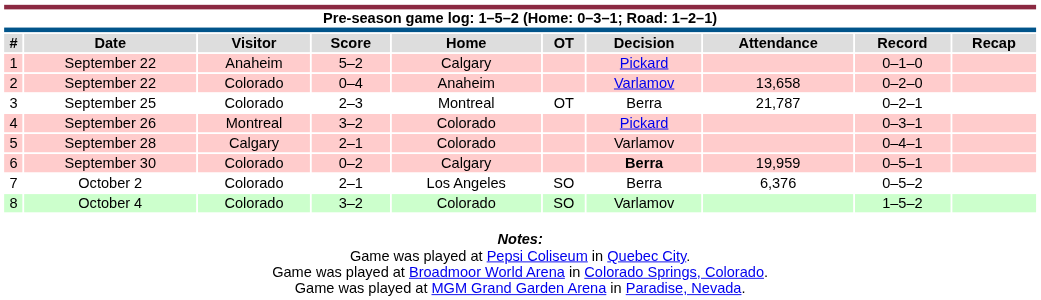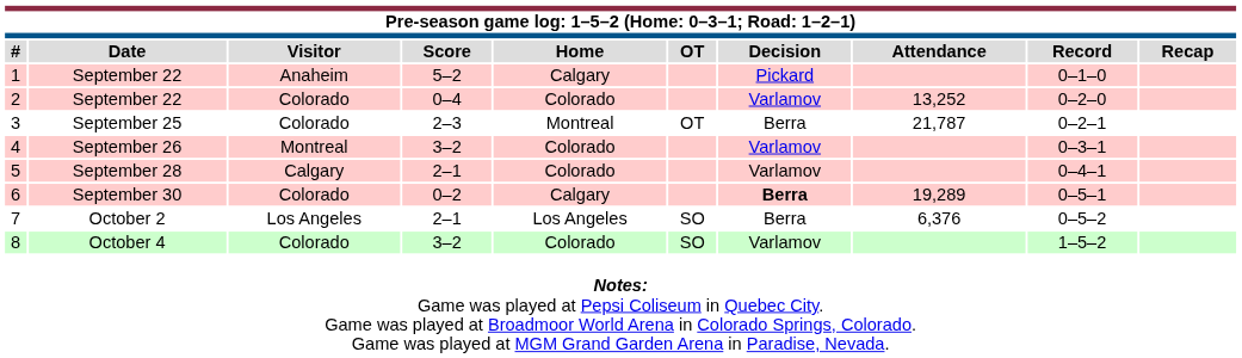 <table class="toccolours collapsible collapsed" style="width:90%; clear:both; margin:1.5em auto; text-align:center;">
 <tr>
 <th colspan=10 style="background:#fff; border-top:#8B2942 5px solid; border-bottom:#01548A 5px solid;">Pre-season game log: 1–5–2 (Home: 0–3–1; Road: 1–2–1)</th>
 </tr>
 <tr style="text-align:center; background:#ddd;">
 <th>#</th>
 <th>Date</th>
 <th>Visitor</th>
 <th>Score</th>
 <th>Home</th>
 <th>OT</th>
 <th>Decision</th>
 <th>Attendance</th>
 <th>Record</th>
 <th>Recap</th>
 </tr>
 <tr style="text-align:center; background:#fcc;">
 <td>1</td>
 <td>September 22</td>
 <td>Anaheim</td>
 <td>5–2</td>
 <td>Calgary</td>
 <td></td>
 <td><a href='#'>Pickard</a></td>
 <td></td>
 <td>0–1–0</td>
 <td></td>
 </tr>
 <tr style="text-align:center; background:#fcc;">
 <td>2</td>
 <td>September 22</td>
 <td>Colorado</td>
 <td>0–4</td>
-<td>Anaheim</td>
+<td>Colorado</td>
 <td></td>
 <td><a href='#'>Varlamov</a></td>
-<td>13,658</td>
+<td>13,252</td>
 <td>0–2–0</td>
 <td></td>
 </tr>
 <tr style="text-align:center; background:#fff;">
 <td>3</td>
 <td>September 25</td>
 <td>Colorado</td>
 <td>2–3</td>
 <td>Montreal</td>
 <td>OT</td>
 <td>Berra</td>
 <td>21,787</td>
 <td>0–2–1</td>
 <td></td>
 </tr>
 <tr style="text-align:center; background:#fcc;">
 <td>4</td>
 <td>September 26</td>
 <td>Montreal</td>
 <td>3–2</td>
 <td>Colorado</td>
 <td></td>
-<td><a href='#'>Pickard</a></td>
+<td><a href='#'>Varlamov</a></td>
 <td></td>
 <td>0–3–1</td>
 <td></td>
 </tr>
 <tr style="text-align:center; background:#fcc;">
 <td>5</td>
 <td>September 28</td>
 <td>Calgary</td>
 <td>2–1</td>
 <td>Colorado</td>
 <td></td>
 <td>Varlamov</td>
 <td></td>
 <td>0–4–1</td>
 <td></td>
 </tr>
 <tr style="text-align:center; background:#fcc;">
 <td>6</td>
 <td>September 30</td>
 <td>Colorado</td>
 <td>0–2</td>
 <td>Calgary</td>
 <td></td>
 <td><strong>Berra</strong></td>
-<td>19,959</td>
+<td>19,289</td>
 <td>0–5–1</td>
 <td></td>
 </tr>
 <tr style="text-align:center; background:#fff;">
 <td>7</td>
 <td>October 2</td>
-<td>Colorado</td>
+<td>Los Angeles</td>
 <td>2–1</td>
 <td>Los Angeles</td>
 <td>SO</td>
 <td>Berra</td>
 <td>6,376</td>
 <td>0–5–2</td>
 <td></td>
 </tr>
 <tr style="text-align:center; background:#cfc;">
 <td>8</td>
 <td>October 4</td>
 <td>Colorado</td>
 <td>3–2</td>
 <td>Colorado</td>
 <td>SO</td>
 <td>Varlamov</td>
 <td></td>
 <td>1–5–2</td>
 <td></td>
 </tr>
 <tr>
 <td colspan="10" style="text-align:center;"><br><strong><em>Notes:</em></strong><br> Game was played at <a href='#'>Pepsi Coliseum</a> in <a href='#'>Quebec City</a>.<br> Game was played at <a href='#'>Broadmoor World Arena</a> in <a href='#'>Colorado Springs, Colorado</a>.<br> Game was played at <a href='#'>MGM Grand Garden Arena</a> in <a href='#'>Paradise, Nevada</a>.</td>
 </tr>
 </table>
